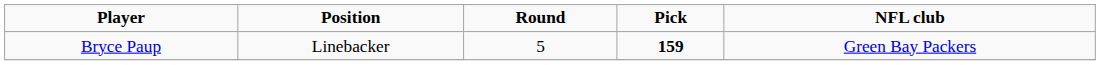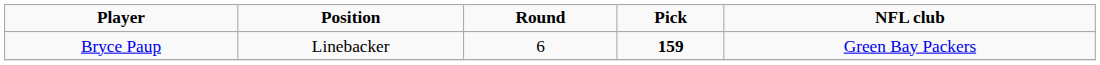 <table class="wikitable" width="80%">
 <tr align="center">
 <td><strong>Player</strong></td>
 <td><strong>Position</strong></td>
 <td><strong>Round</strong></td>
 <td><strong>Pick</strong></td>
 <td><strong>NFL club</strong></td>
 </tr>
 <tr align="center" bgcolor="">
 <td><a href='#'>Bryce Paup</a></td>
 <td>Linebacker</td>
-<td>5</td>
+<td>6</td>
 <td><strong>159</strong></td>
 <td><a href='#'>Green Bay Packers</a></td>
 </tr>
 <tr align="center" bgcolor="">
 </tr>
 </table>
